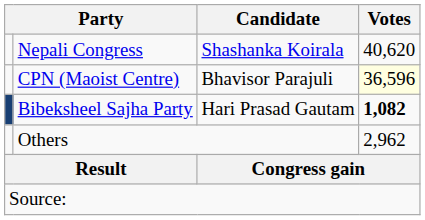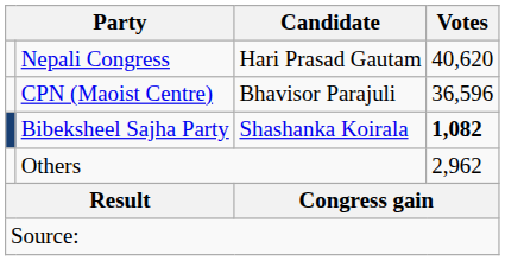 <table class="wikitable">
 <tr>
 <th colspan="2">Party</th>
 <th>Candidate</th>
 <th>Votes</th>
 </tr>
 <tr>
 <td style="background-color:"></td>
 <td><a href='#'>Nepali Congress</a></td>
-<td><a href='#'>Shashanka Koirala</a></td>
+<td>Hari Prasad Gautam</td>
 <td>40,620</td>
 </tr>
 <tr>
 <td style="background-color:"></td>
 <td><a href='#'>CPN (Maoist Centre)</a></td>
 <td>Bhavisor Parajuli</td>
-<td style="background: lightyellow;">36,596</td>
+<td>36,596</td>
 </tr>
 <tr>
 <td style="background-color:#183F73"></td>
 <td><a href='#'>Bibeksheel Sajha Party</a></td>
-<td>Hari Prasad Gautam</td>
+<td><a href='#'>Shashanka Koirala</a></td>
 <td><strong>1,082</strong></td>
 </tr>
 <tr>
 <td></td>
 <td colspan="2">Others</td>
 <td>2,962</td>
 </tr>
 <tr>
 <th colspan="2">Result</th>
 <th colspan="2">Congress gain</th>
 </tr>
 <tr>
 <td colspan="4">Source: </td>
 </tr>
 </table>
